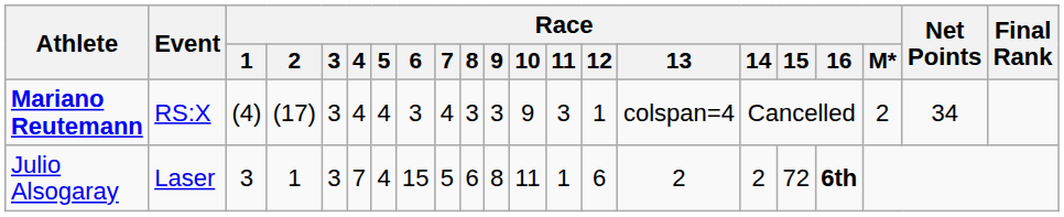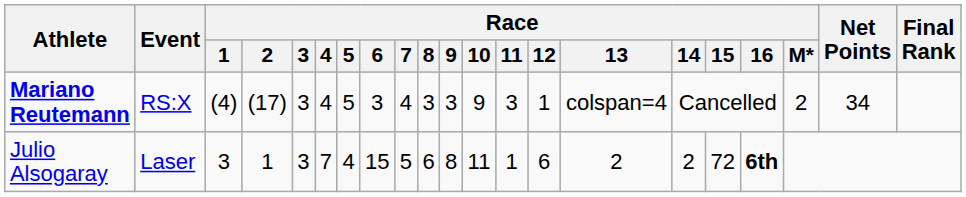 <table class="wikitable" style="font-size:90%">
 <tr>
 <th rowspan=2>Athlete</th>
 <th rowspan=2>Event</th>
 <th colspan=17>Race</th>
 <th rowspan=2>Net<br>Points</th>
 <th rowspan=2>Final<br>Rank</th>
 </tr>
 <tr style="font-size:95%">
 <th>1</th>
 <th>2</th>
 <th>3</th>
 <th>4</th>
 <th>5</th>
 <th>6</th>
 <th>7</th>
 <th>8</th>
 <th>9</th>
 <th>10</th>
 <th>11</th>
 <th>12</th>
 <th>13</th>
 <th>14</th>
 <th>15</th>
 <th>16</th>
 <th>M*</th>
 </tr>
 <tr align=center>
 <td align=left><strong><a href='#'>Mariano Reutemann</a></strong></td>
 <td align=left><a href='#'>RS:X</a></td>
 <td>(4)</td>
 <td>(17)</td>
 <td>3</td>
 <td>4</td>
-<td>4</td>
+<td>5</td>
 <td>3</td>
 <td>4</td>
 <td>3</td>
 <td>3</td>
 <td>9</td>
 <td>3</td>
 <td>1</td>
 <td>colspan=4 </td>
 <td colspan=3>Cancelled</td>
 <td>2</td>
 <td>34</td>
 <td></td>
 </tr>
 <tr align=center>
 <td align=left><a href='#'>Julio Alsogaray</a></td>
 <td align=left><a href='#'>Laser</a></td>
 <td>3</td>
 <td>1</td>
 <td>3</td>
 <td>7</td>
 <td>4</td>
 <td>15</td>
 <td>5</td>
 <td>6</td>
 <td>8</td>
 <td>11</td>
 <td>1</td>
 <td>6</td>
 <td>2</td>
 <td>2</td>
 <td>72</td>
 <td><strong>6th</strong></td>
 </tr>
 </table>
